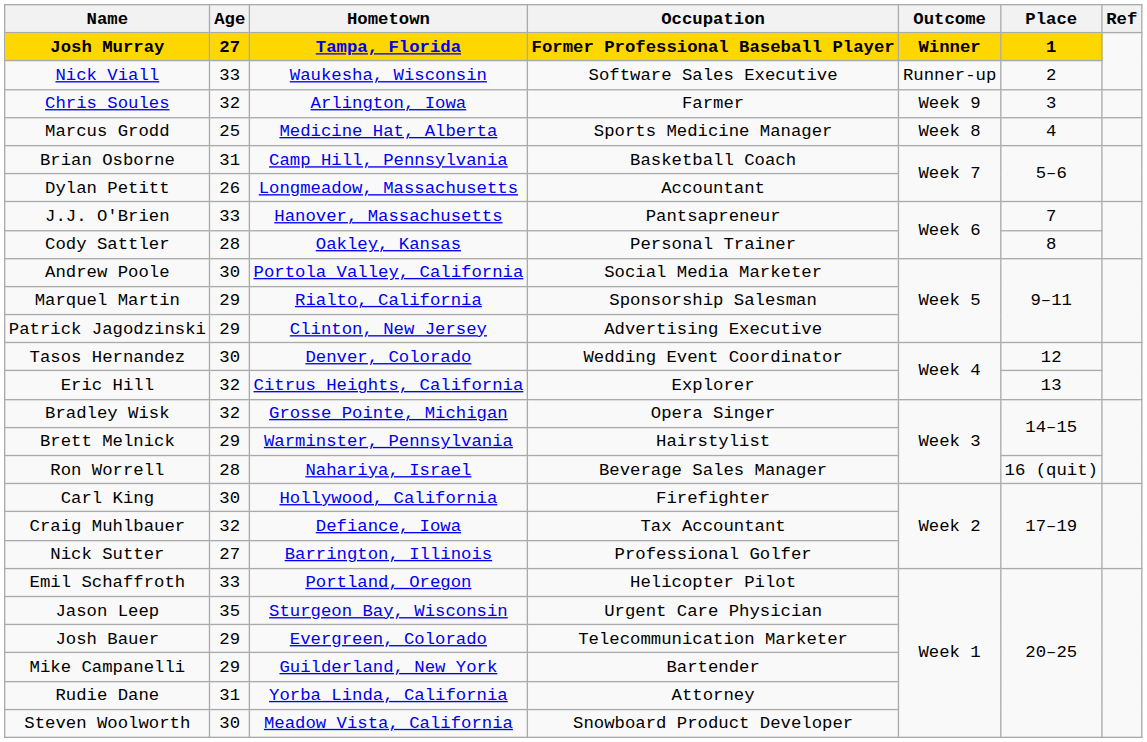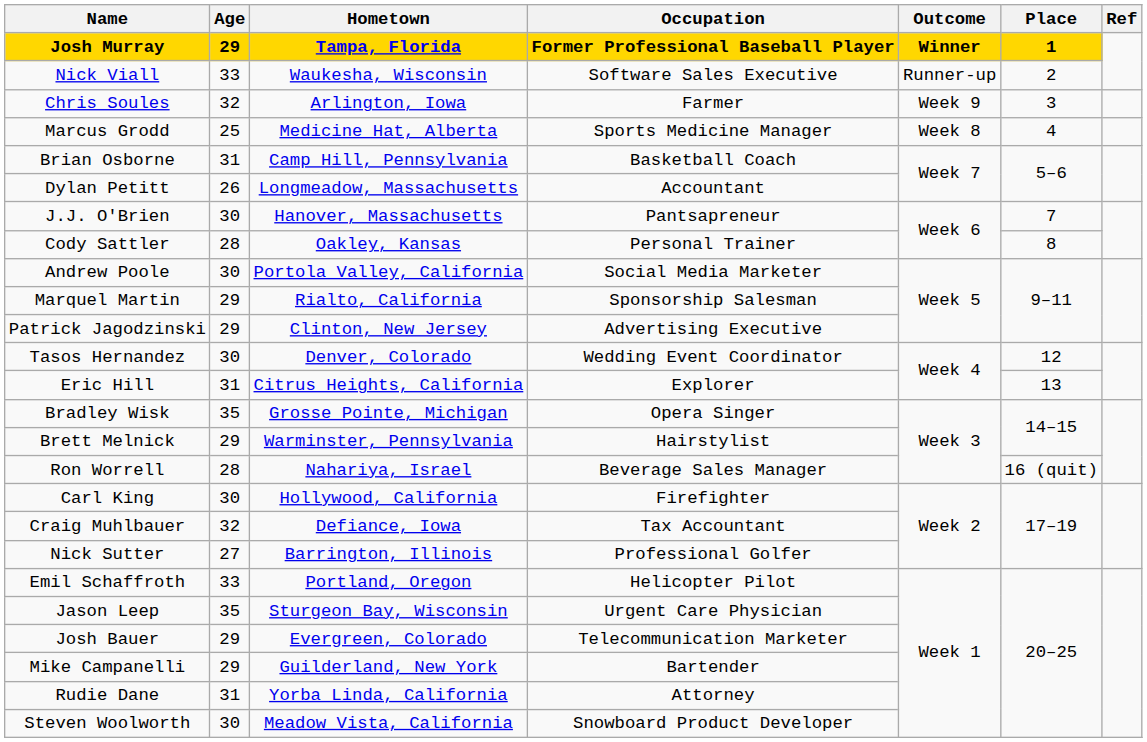 <table class="wikitable sortable" style="text-align:center;">
 <tr>
 <th>Name</th>
 <th>Age</th>
 <th>Hometown</th>
 <th>Occupation</th>
 <th>Outcome</th>
 <th>Place</th>
 <th>Ref</th>
 </tr>
 <tr>
 <td bgcolor="gold"><strong>Josh Murray</strong></td>
-<td bgcolor="gold"><strong>27</strong></td>
+<td bgcolor="gold"><strong>29</strong></td>
 <td bgcolor="gold"><strong><a href='#'>Tampa, Florida</a></strong></td>
 <td bgcolor="gold"><strong>Former Professional Baseball Player</strong></td>
 <td bgcolor="gold"><strong>Winner</strong></td>
 <td bgcolor="gold"><strong>1</strong></td>
 <td rowspan="2"></td>
 </tr>
 <tr>
 <td><a href='#'>Nick Viall</a></td>
 <td>33</td>
 <td><a href='#'>Waukesha, Wisconsin</a></td>
 <td>Software Sales Executive</td>
 <td>Runner-up</td>
 <td>2</td>
 </tr>
 <tr>
 <td><a href='#'>Chris Soules</a></td>
 <td>32</td>
 <td><a href='#'>Arlington, Iowa</a></td>
 <td>Farmer</td>
 <td>Week 9</td>
 <td>3</td>
 <td></td>
 </tr>
 <tr>
 <td>Marcus Grodd</td>
 <td>25</td>
 <td><a href='#'>Medicine Hat, Alberta</a></td>
 <td>Sports Medicine Manager</td>
 <td>Week 8</td>
 <td>4</td>
 <td></td>
 </tr>
 <tr>
 <td>Brian Osborne</td>
 <td>31</td>
 <td><a href='#'>Camp Hill, Pennsylvania</a></td>
 <td>Basketball Coach</td>
 <td rowspan="2">Week 7</td>
 <td rowspan="2">5–6</td>
 <td rowspan="2"></td>
 </tr>
 <tr>
 <td>Dylan Petitt</td>
 <td>26</td>
 <td><a href='#'>Longmeadow, Massachusetts</a></td>
 <td>Accountant</td>
 </tr>
 <tr>
 <td>J.J. O'Brien</td>
-<td>33</td>
+<td>30</td>
 <td><a href='#'>Hanover, Massachusetts</a></td>
 <td>Pantsapreneur</td>
 <td rowspan="2">Week 6</td>
 <td>7</td>
 <td rowspan="2"></td>
 </tr>
 <tr>
 <td>Cody Sattler</td>
 <td>28</td>
 <td><a href='#'>Oakley, Kansas</a></td>
 <td>Personal Trainer</td>
 <td>8</td>
 </tr>
 <tr>
 <td>Andrew Poole</td>
 <td>30</td>
 <td><a href='#'>Portola Valley, California</a></td>
 <td>Social Media Marketer</td>
 <td rowspan="3">Week 5</td>
 <td rowspan="3">9–11</td>
 <td rowspan="3"></td>
 </tr>
 <tr>
 <td>Marquel Martin</td>
 <td>29</td>
 <td><a href='#'>Rialto, California</a></td>
 <td>Sponsorship Salesman</td>
 </tr>
 <tr>
 <td>Patrick Jagodzinski</td>
 <td>29</td>
 <td><a href='#'>Clinton, New Jersey</a></td>
 <td>Advertising Executive</td>
 </tr>
 <tr>
 <td>Tasos Hernandez</td>
 <td>30</td>
 <td><a href='#'>Denver, Colorado</a></td>
 <td>Wedding Event Coordinator</td>
 <td rowspan="2">Week 4</td>
 <td>12</td>
 <td rowspan="2"></td>
 </tr>
 <tr>
 <td>Eric Hill</td>
-<td>32</td>
+<td>31</td>
 <td><a href='#'>Citrus Heights, California</a></td>
 <td>Explorer</td>
 <td>13</td>
 </tr>
 <tr>
 <td>Bradley Wisk</td>
-<td>32</td>
+<td>35</td>
 <td><a href='#'>Grosse Pointe, Michigan</a></td>
 <td>Opera Singer</td>
 <td rowspan="3">Week 3</td>
 <td rowspan="2">14–15</td>
 <td rowspan="3"></td>
 </tr>
 <tr>
 <td>Brett Melnick</td>
 <td>29</td>
 <td><a href='#'>Warminster, Pennsylvania</a></td>
 <td>Hairstylist</td>
 </tr>
 <tr>
 <td>Ron Worrell</td>
 <td>28</td>
 <td><a href='#'>Nahariya, Israel</a></td>
 <td>Beverage Sales Manager</td>
 <td>16 (quit)</td>
 </tr>
 <tr>
 <td>Carl King</td>
 <td>30</td>
 <td><a href='#'>Hollywood, California</a></td>
 <td>Firefighter</td>
 <td rowspan="3">Week 2</td>
 <td rowspan="3">17–19</td>
 <td rowspan="3"></td>
 </tr>
 <tr>
 <td>Craig Muhlbauer</td>
 <td>32</td>
 <td><a href='#'>Defiance, Iowa</a></td>
 <td>Tax Accountant</td>
 </tr>
 <tr>
 <td>Nick Sutter</td>
 <td>27</td>
 <td><a href='#'>Barrington, Illinois</a></td>
 <td>Professional Golfer</td>
 </tr>
 <tr>
 <td>Emil Schaffroth</td>
 <td>33</td>
 <td><a href='#'>Portland, Oregon</a></td>
 <td>Helicopter Pilot</td>
 <td rowspan="6">Week 1</td>
 <td rowspan="6">20–25</td>
 <td rowspan="6"></td>
 </tr>
 <tr>
 <td>Jason Leep</td>
 <td>35</td>
 <td><a href='#'>Sturgeon Bay, Wisconsin</a></td>
 <td>Urgent Care Physician</td>
 </tr>
 <tr>
 <td>Josh Bauer</td>
 <td>29</td>
 <td><a href='#'>Evergreen, Colorado</a></td>
 <td>Telecommunication Marketer</td>
 </tr>
 <tr>
 <td>Mike Campanelli</td>
 <td>29</td>
 <td><a href='#'>Guilderland, New York</a></td>
 <td>Bartender</td>
 </tr>
 <tr>
 <td>Rudie Dane</td>
 <td>31</td>
 <td><a href='#'>Yorba Linda, California</a></td>
 <td>Attorney</td>
 </tr>
 <tr>
 <td>Steven Woolworth</td>
 <td>30</td>
 <td><a href='#'>Meadow Vista, California</a></td>
 <td>Snowboard Product Developer</td>
 </tr>
 <tr>
 </tr>
 </table>
